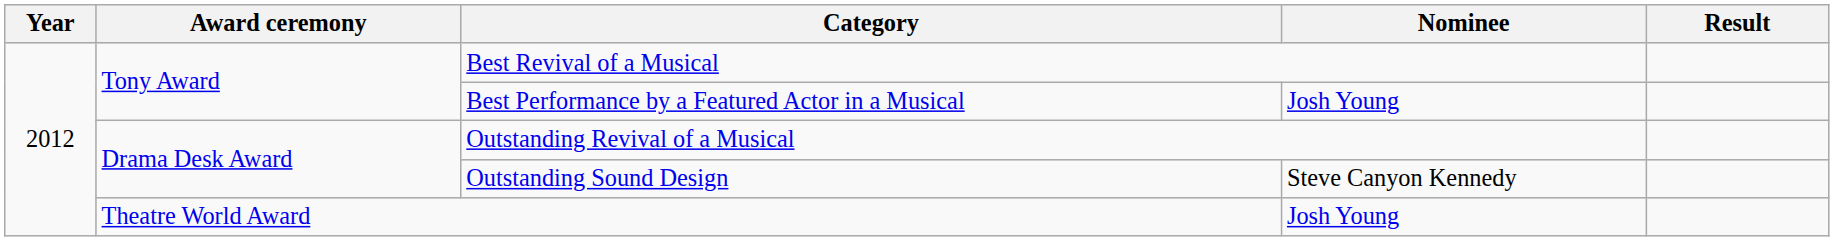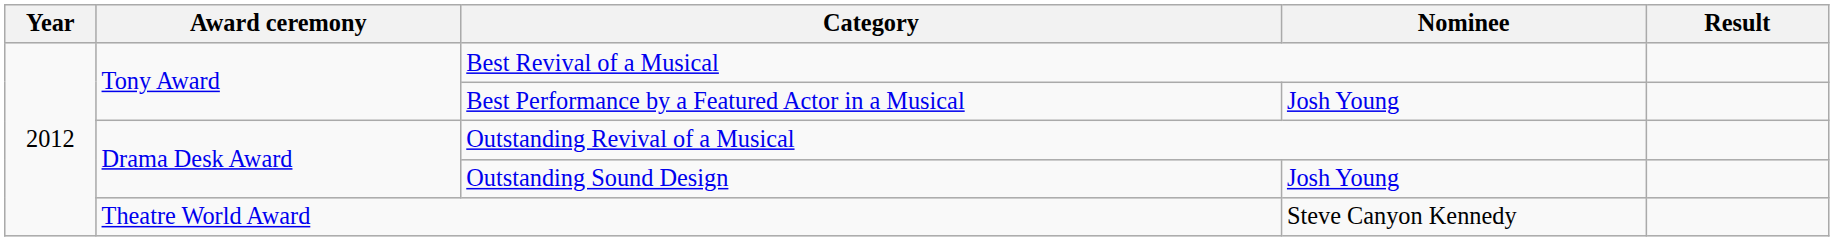 <table class="wikitable" style="width:95%">
 <tr>
 <th style="width:5%;">Year</th>
 <th style="width:20%;">Award ceremony</th>
 <th style="width:45%;">Category</th>
 <th style="width:20%;">Nominee</th>
 <th style="width:10%;">Result</th>
 </tr>
 <tr>
 <td rowspan="5" style="text-align:center;">2012</td>
 <td rowspan=2><a href='#'>Tony Award</a></td>
 <td colspan=2><a href='#'>Best Revival of a Musical</a></td>
 <td></td>
 </tr>
 <tr>
 <td><a href='#'>Best Performance by a Featured Actor in a Musical</a></td>
 <td><a href='#'>Josh Young</a></td>
 <td></td>
 </tr>
 <tr>
 <td rowspan=2><a href='#'>Drama Desk Award</a></td>
 <td colspan=2><a href='#'>Outstanding Revival of a Musical</a></td>
 <td></td>
 </tr>
 <tr>
 <td><a href='#'>Outstanding Sound Design</a></td>
-<td>Steve Canyon Kennedy</td>
+<td><a href='#'>Josh Young</a></td>
 <td></td>
 </tr>
 <tr>
 <td colspan=2><a href='#'>Theatre World Award</a></td>
-<td><a href='#'>Josh Young</a></td>
+<td>Steve Canyon Kennedy</td>
 <td></td>
 </tr>
 </table>
